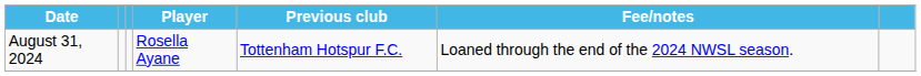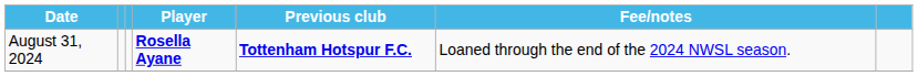 <table class="wikitable sortable">
 <tr>
 <th style="background:#42b7e6; color:#fff; width:110px;" data-sort-type="date">Date</th>
 <th style="background:#42b7e6; color:#fff;"></th>
 <th style="background:#42b7e6; color:#fff;"></th>
 <th style="background:#42b7e6; color:#fff; width:100px;">Player</th>
 <th style="background:#42b7e6; color:#fff; width:200px;">Previous club</th>
 <th style="background:#42b7e6; color:#fff; width:450px;">Fee/notes</th>
 <th style="background:#42b7e6; color:#fff; width:30px;"></th>
 </tr>
 <tr>
 <td>August 31, 2024</td>
 <td></td>
 <td></td>
-<td><a href='#'>Rosella Ayane</a></td>
-<td> <a href='#'>Tottenham Hotspur F.C.</a></td>
+<td><strong><a href='#'>Rosella Ayane</a></strong></td>
+<td><strong> <a href='#'>Tottenham Hotspur F.C.</a></strong></td>
 <td>Loaned through the end of the <a href='#'>2024 NWSL season</a>.</td>
 <td></td>
 </tr>
 <tr>
 </tr>
 </table>
